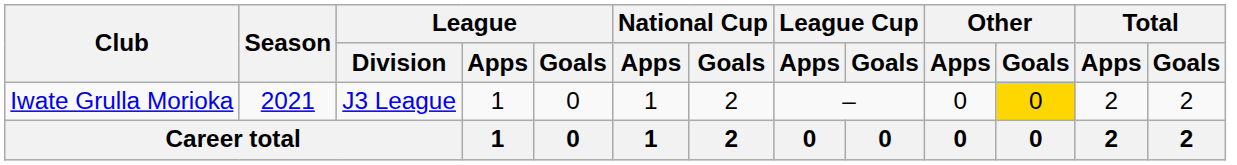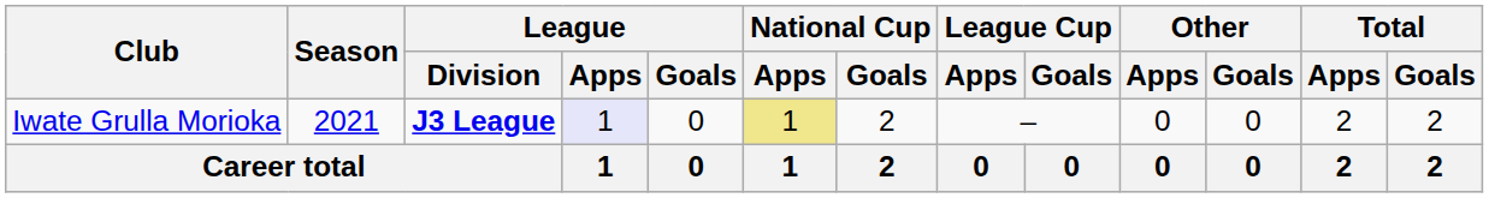 <table class="wikitable" style="text-align: center">
 <tr>
 <th rowspan="2">Club</th>
 <th rowspan="2">Season</th>
 <th colspan="3">League</th>
 <th colspan="2">National Cup</th>
 <th colspan="2">League Cup</th>
 <th colspan="2">Other</th>
 <th colspan="2">Total</th>
 </tr>
 <tr>
 <th>Division</th>
 <th>Apps</th>
 <th>Goals</th>
 <th>Apps</th>
 <th>Goals</th>
 <th>Apps</th>
 <th>Goals</th>
 <th>Apps</th>
 <th>Goals</th>
 <th>Apps</th>
 <th>Goals</th>
 </tr>
 <tr>
 <td><a href='#'>Iwate Grulla Morioka</a></td>
 <td><a href='#'>2021</a></td>
-<td><a href='#'>J3 League</a></td>
-<td>1</td>
+<td><strong><a href='#'>J3 League</a></strong></td>
+<td style="background: lavender;">1</td>
 <td>0</td>
-<td>1</td>
+<td style="background: khaki;">1</td>
 <td>2</td>
 <td colspan="2">–</td>
 <td>0</td>
-<td style="background: gold;">0</td>
+<td>0</td>
 <td>2</td>
 <td>2</td>
 </tr>
 <tr>
 <th colspan="3"><strong>Career total</strong></th>
 <th>1</th>
 <th>0</th>
 <th>1</th>
 <th>2</th>
 <th>0</th>
 <th>0</th>
 <th>0</th>
 <th>0</th>
 <th>2</th>
 <th>2</th>
 </tr>
 </table>
